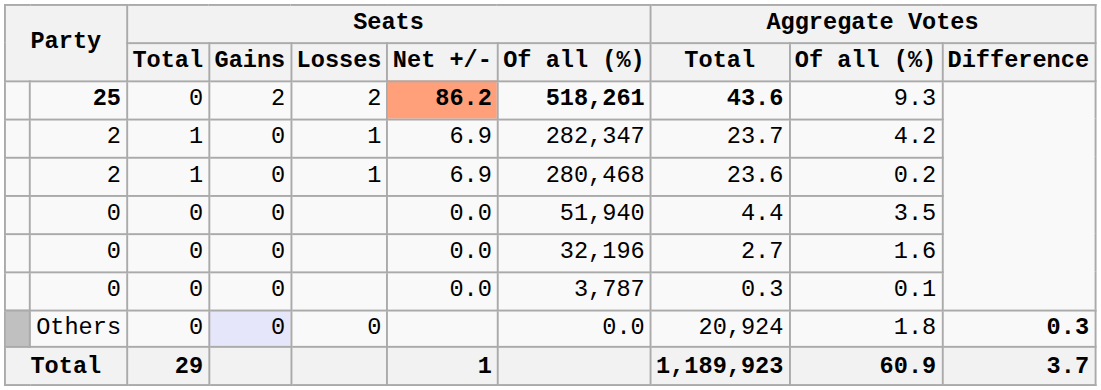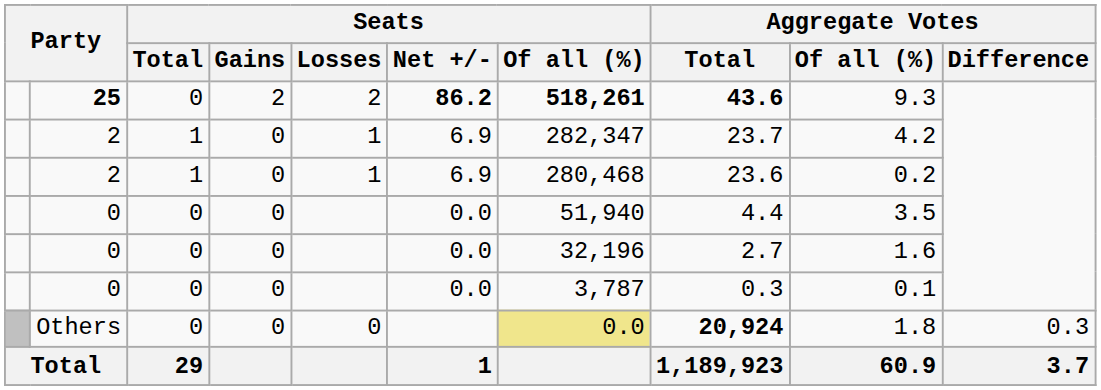 <table class="wikitable sortable" style="text-align:right; font-size:95%;">
 <tr>
 <th colspan="2" rowspan="2">Party</th>
 <th colspan="5">Seats</th>
 <th colspan="3">Aggregate Votes</th>
 </tr>
 <tr>
 <th>Total</th>
 <th>Gains</th>
 <th>Losses</th>
 <th>Net +/-</th>
 <th>Of all (%)</th>
 <th>Total</th>
 <th>Of all (%)</th>
 <th>Difference</th>
 </tr>
 <tr>
 <td></td>
 <td><strong>25</strong></td>
 <td>0</td>
 <td>2</td>
 <td>2</td>
-<td style="background: lightsalmon;"><strong>86.2</strong></td>
+<td><strong>86.2</strong></td>
 <td><strong>518,261</strong></td>
 <td><strong>43.6</strong></td>
 <td>9.3</td>
 </tr>
 <tr>
 <td></td>
 <td>2</td>
 <td>1</td>
 <td>0</td>
 <td>1</td>
 <td>6.9</td>
 <td>282,347</td>
 <td>23.7</td>
 <td>4.2</td>
 </tr>
 <tr>
 <td></td>
 <td>2</td>
 <td>1</td>
 <td>0</td>
 <td>1</td>
 <td>6.9</td>
 <td>280,468</td>
 <td>23.6</td>
 <td>0.2</td>
 </tr>
 <tr>
 <td></td>
 <td>0</td>
 <td>0</td>
 <td>0</td>
 <td></td>
 <td>0.0</td>
 <td>51,940</td>
 <td>4.4</td>
 <td>3.5</td>
 </tr>
 <tr>
 <td></td>
 <td>0</td>
 <td>0</td>
 <td>0</td>
 <td></td>
 <td>0.0</td>
 <td>32,196</td>
 <td>2.7</td>
 <td>1.6</td>
 </tr>
 <tr>
 <td></td>
 <td>0</td>
 <td>0</td>
 <td>0</td>
 <td></td>
 <td>0.0</td>
 <td>3,787</td>
 <td>0.3</td>
 <td>0.1</td>
 </tr>
 <tr>
 <td style="background:silver;"> </td>
 <td align=left>Others</td>
 <td>0</td>
-<td style="background: lavender;">0</td>
+<td>0</td>
 <td>0</td>
 <td></td>
-<td>0.0</td>
-<td>20,924</td>
+<td style="background: khaki;">0.0</td>
+<td><strong>20,924</strong></td>
 <td>1.8</td>
-<td><strong>0.3</strong></td>
+<td>0.3</td>
 </tr>
 <tr class="sortbottom">
 <th colspan="2" style="background:#f2f2f2"><strong>Total</strong></th>
 <td style="background:#f2f2f2;"><strong>29</strong></td>
 <td style="background:#f2f2f2;"></td>
 <td style="background:#f2f2f2;"></td>
 <td style="background:#f2f2f2;"><strong>1</strong></td>
 <td style="background:#f2f2f2;"></td>
 <td style="background:#f2f2f2;"><strong>1,189,923</strong></td>
 <td style="background:#f2f2f2;"><strong>60.9</strong></td>
 <td style="background:#f2f2f2;"><strong>3.7</strong></td>
 </tr>
 </table>
